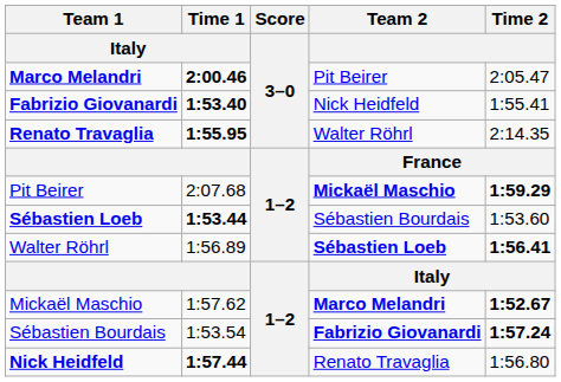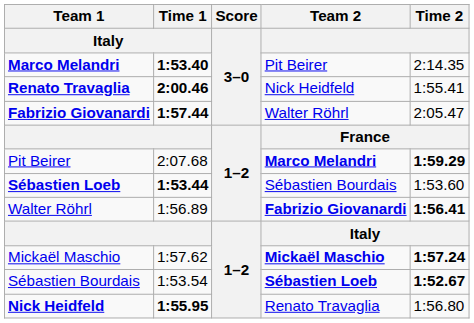 <table class="wikitable">
 <tr>
 <th>Team 1</th>
 <th>Time 1</th>
 <th>Score</th>
 <th>Team 2</th>
 <th>Time 2</th>
 </tr>
 <tr>
 <th colspan=2> <strong>Italy</strong></th>
 <th rowspan=4>3–0</th>
 <th colspan=2></th>
 </tr>
 <tr>
 <td><strong><a href='#'>Marco Melandri</a></strong></td>
-<td><strong>2:00.46</strong></td>
+<td><strong>1:53.40</strong></td>
 <td><a href='#'>Pit Beirer</a></td>
-<td>2:05.47</td>
+<td>2:14.35</td>
 </tr>
 <tr>
-<td><strong><a href='#'>Fabrizio Giovanardi</a></strong></td>
-<td><strong>1:53.40</strong></td>
+<td><strong><a href='#'>Renato Travaglia</a></strong></td>
+<td><strong>2:00.46</strong></td>
 <td><a href='#'>Nick Heidfeld</a></td>
 <td>1:55.41</td>
 </tr>
 <tr>
-<td><strong><a href='#'>Renato Travaglia</a></strong></td>
-<td><strong>1:55.95</strong></td>
+<td><strong><a href='#'>Fabrizio Giovanardi</a></strong></td>
+<td><strong>1:57.44</strong></td>
 <td><a href='#'>Walter Röhrl</a></td>
-<td>2:14.35</td>
+<td>2:05.47</td>
 </tr>
 <tr>
 <th colspan=2></th>
 <th rowspan=4>1–2</th>
 <th colspan=2> <strong>France</strong></th>
 </tr>
 <tr>
 <td><a href='#'>Pit Beirer</a></td>
 <td>2:07.68</td>
-<td><strong><a href='#'>Mickaël Maschio</a></strong></td>
+<td><strong><a href='#'>Marco Melandri</a></strong></td>
 <td><strong>1:59.29</strong></td>
 </tr>
 <tr>
 <td><strong><a href='#'>Sébastien Loeb</a></strong></td>
 <td><strong>1:53.44</strong></td>
 <td><a href='#'>Sébastien Bourdais</a></td>
 <td>1:53.60</td>
 </tr>
 <tr>
 <td><a href='#'>Walter Röhrl</a></td>
 <td>1:56.89</td>
-<td><strong><a href='#'>Sébastien Loeb</a></strong></td>
+<td><strong><a href='#'>Fabrizio Giovanardi</a></strong></td>
 <td><strong>1:56.41</strong></td>
 </tr>
 <tr>
 <th colspan=2></th>
 <th rowspan=4>1–2</th>
 <th colspan=2> <strong>Italy</strong></th>
 </tr>
 <tr>
 <td><a href='#'>Mickaël Maschio</a></td>
 <td>1:57.62</td>
-<td><strong><a href='#'>Marco Melandri</a></strong></td>
-<td><strong>1:52.67</strong></td>
+<td><strong><a href='#'>Mickaël Maschio</a></strong></td>
+<td><strong>1:57.24</strong></td>
 </tr>
 <tr>
 <td><a href='#'>Sébastien Bourdais</a></td>
 <td>1:53.54</td>
-<td><strong><a href='#'>Fabrizio Giovanardi</a></strong></td>
-<td><strong>1:57.24</strong></td>
+<td><strong><a href='#'>Sébastien Loeb</a></strong></td>
+<td><strong>1:52.67</strong></td>
 </tr>
 <tr>
 <td><strong><a href='#'>Nick Heidfeld</a></strong></td>
-<td><strong>1:57.44</strong></td>
+<td><strong>1:55.95</strong></td>
 <td><a href='#'>Renato Travaglia</a></td>
 <td>1:56.80</td>
 </tr>
 </table>
